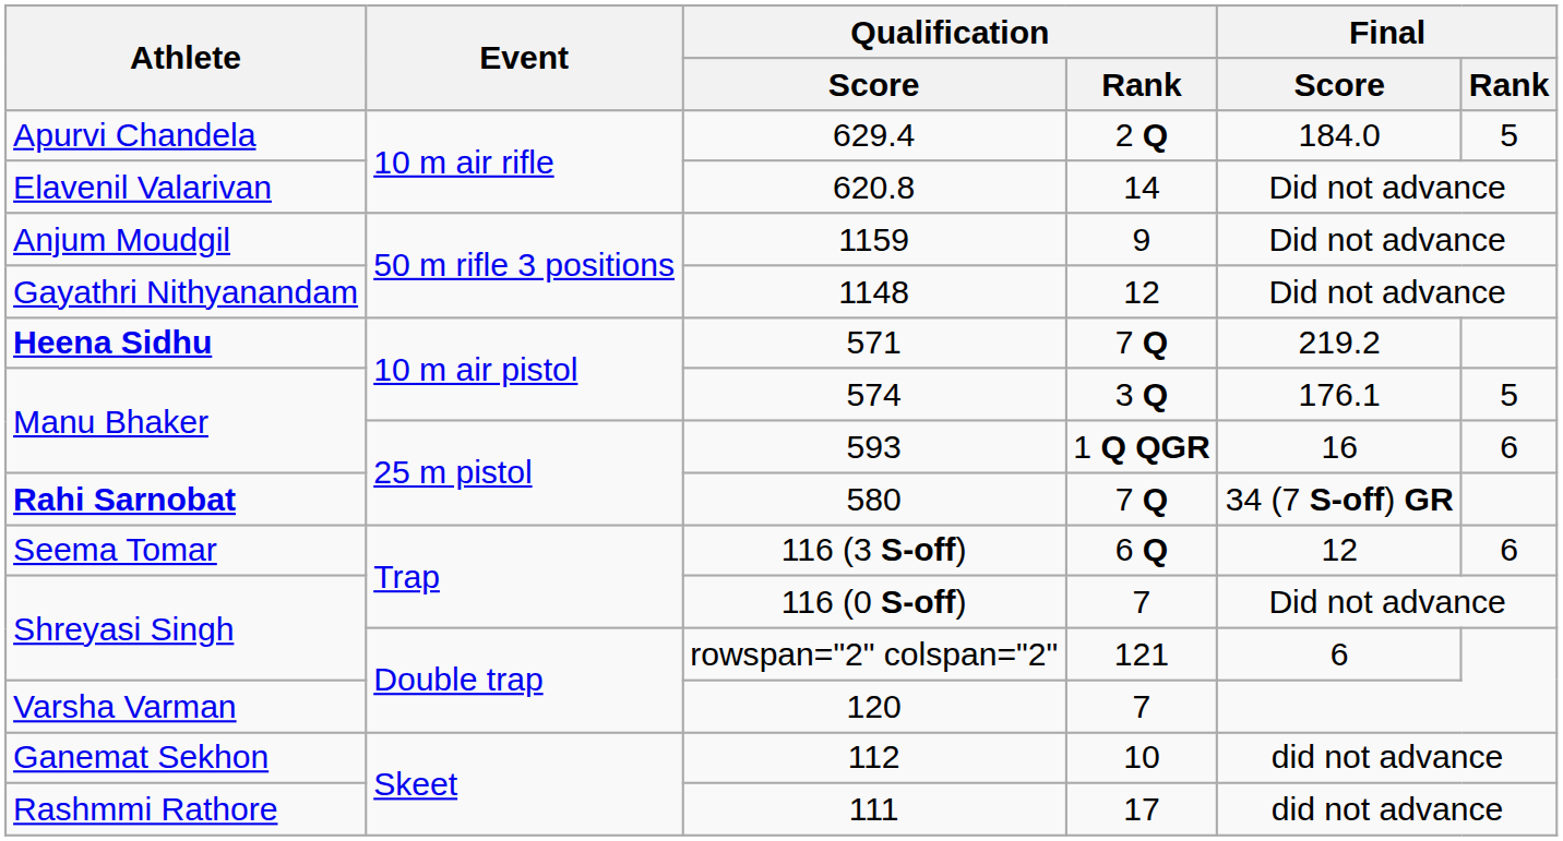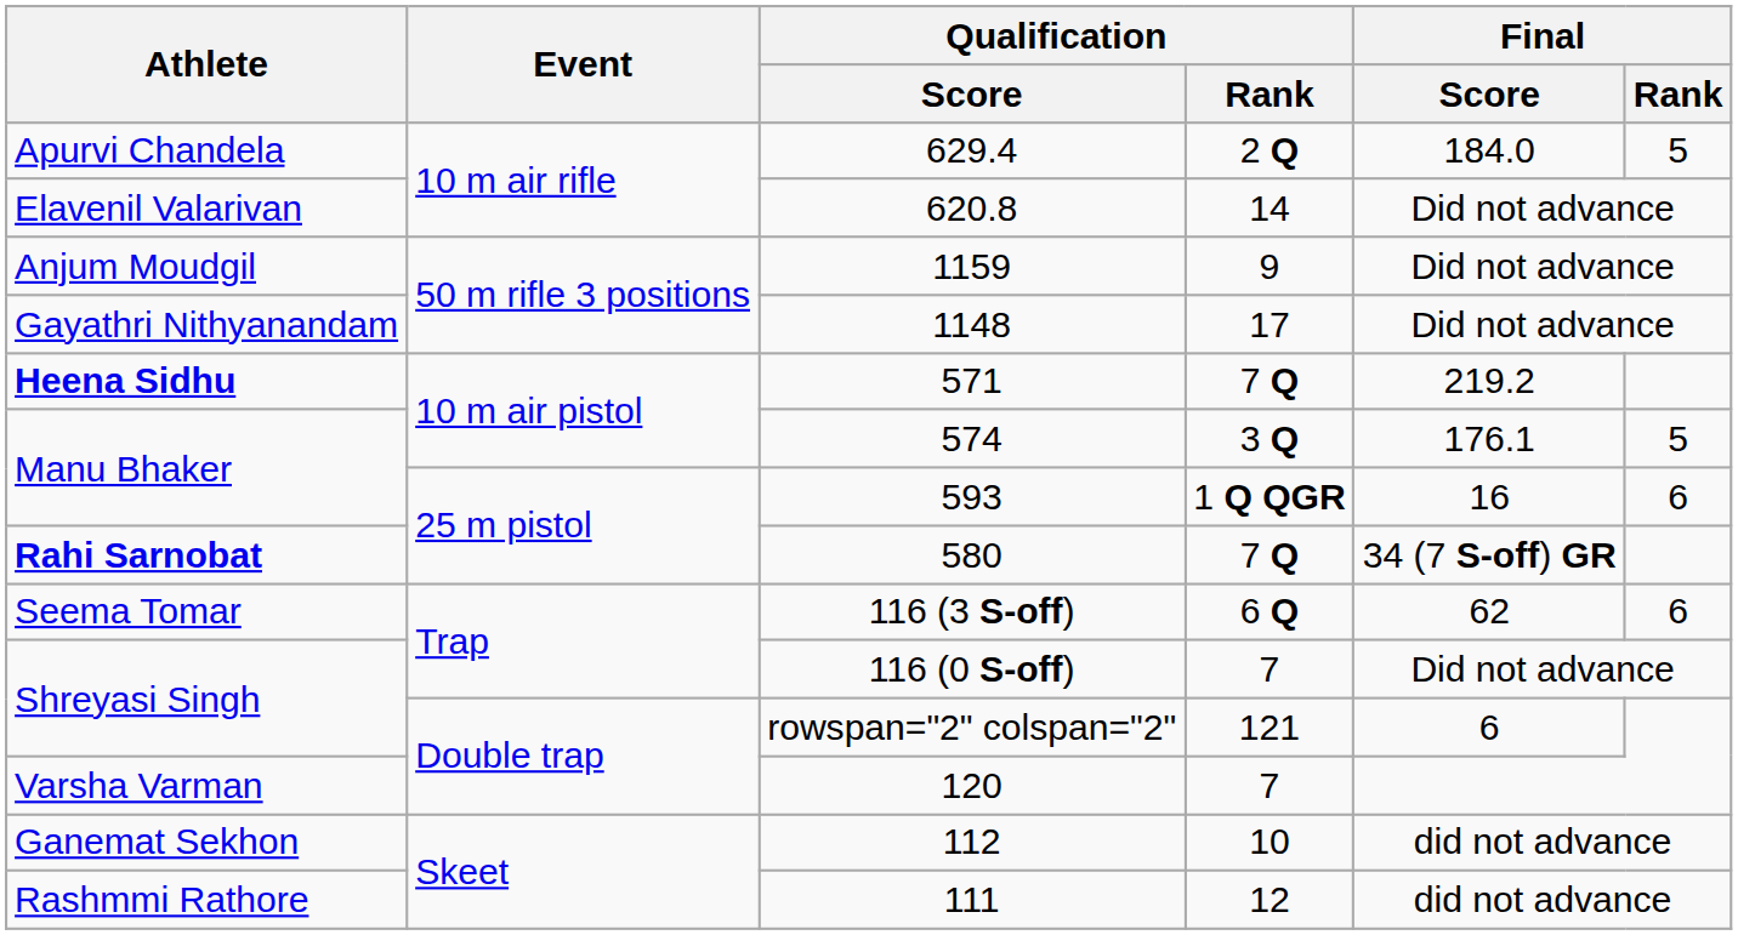 <table class="wikitable" style="text-align:center; font-size:90%">
 <tr>
 <th rowspan="2">Athlete</th>
 <th rowspan="2">Event</th>
 <th colspan="2">Qualification</th>
 <th colspan="2">Final</th>
 </tr>
 <tr>
 <th>Score</th>
 <th>Rank</th>
 <th>Score</th>
 <th>Rank</th>
 </tr>
 <tr>
 <td align=left><a href='#'>Apurvi Chandela</a></td>
 <td align=left rowspan="2"><a href='#'>10 m air rifle</a></td>
 <td>629.4</td>
 <td>2 <strong>Q</strong></td>
 <td>184.0</td>
 <td>5</td>
 </tr>
 <tr>
 <td align=left><a href='#'>Elavenil Valarivan</a></td>
 <td>620.8</td>
 <td>14</td>
 <td colspan="2">Did not advance</td>
 </tr>
 <tr>
 <td align=left><a href='#'>Anjum Moudgil</a></td>
 <td align=left rowspan="2"><a href='#'>50 m rifle 3 positions</a></td>
 <td>1159</td>
 <td>9</td>
 <td colspan="2">Did not advance</td>
 </tr>
 <tr>
 <td align=left><a href='#'>Gayathri Nithyanandam</a></td>
 <td>1148</td>
-<td>12</td>
+<td>17</td>
 <td colspan="2">Did not advance</td>
 </tr>
 <tr>
 <td align=left><strong><a href='#'>Heena Sidhu</a></strong></td>
 <td align=left rowspan="2"><a href='#'>10 m air pistol</a></td>
 <td>571</td>
 <td>7 <strong>Q</strong></td>
 <td>219.2</td>
 <td></td>
 </tr>
 <tr>
 <td align=left rowspan=2><a href='#'>Manu Bhaker</a></td>
 <td>574</td>
 <td>3 <strong>Q</strong></td>
 <td>176.1</td>
 <td>5</td>
 </tr>
 <tr>
 <td align=left rowspan="2"><a href='#'>25 m pistol</a></td>
 <td>593</td>
 <td>1 <strong>Q</strong> <strong>QGR</strong></td>
 <td>16</td>
 <td>6</td>
 </tr>
 <tr>
 <td align=left><strong><a href='#'>Rahi Sarnobat</a></strong></td>
 <td>580</td>
 <td>7 <strong>Q</strong></td>
 <td>34 (7 <strong>S-off</strong>) <strong>GR</strong></td>
 <td></td>
 </tr>
 <tr>
 <td align=left><a href='#'>Seema Tomar</a></td>
 <td align=left rowspan="2"><a href='#'>Trap</a></td>
 <td>116 (3 <strong>S-off</strong>)</td>
 <td>6 <strong>Q</strong></td>
-<td>12</td>
+<td>62</td>
 <td>6</td>
 </tr>
 <tr>
 <td align=left rowspan=2><a href='#'>Shreyasi Singh</a></td>
 <td>116 (0 <strong>S-off</strong>)</td>
 <td>7</td>
 <td colspan="2">Did not advance</td>
 </tr>
 <tr>
 <td align=left rowspan="2"><a href='#'>Double trap</a></td>
 <td>rowspan="2" colspan="2" </td>
 <td>121</td>
 <td>6</td>
 </tr>
 <tr>
 <td align=left><a href='#'>Varsha Varman</a></td>
 <td>120</td>
 <td>7</td>
 </tr>
 <tr>
 <td align=left><a href='#'>Ganemat Sekhon</a></td>
 <td align=left rowspan="2"><a href='#'>Skeet</a></td>
 <td>112</td>
 <td>10</td>
 <td colspan=2>did not advance</td>
 </tr>
 <tr>
 <td align=left><a href='#'>Rashmmi Rathore</a></td>
 <td>111</td>
-<td>17</td>
+<td>12</td>
 <td colspan=2>did not advance</td>
 </tr>
 </table>
